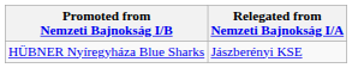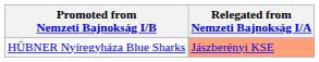 <table class="wikitable">
 <tr>
 <th>Promoted from<br><a href='#'>Nemzeti Bajnokság I/B</a></th>
 <th>Relegated from<br><a href='#'>Nemzeti Bajnokság I/A</a></th>
 </tr>
 <tr>
 <td><a href='#'>HÜBNER Nyíregyháza Blue Sharks</a></td>
-<td><a href='#'>Jászberényi KSE</a></td>
+<td style="background: lightsalmon;"><a href='#'>Jászberényi KSE</a></td>
 </tr>
 </table>
